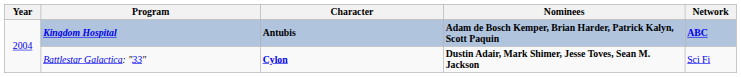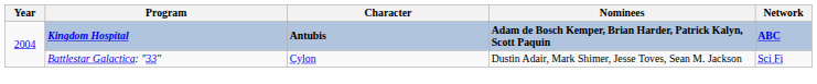 <table class="wikitable" width="95%" cellpadding="5">
 <tr>
 <th width="5%">Year</th>
 <th width="30%">Program</th>
 <th width="25%">Character</th>
 <th width="33%">Nominees</th>
 <th width="8%">Network</th>
 </tr>
 <tr>
 <td rowspan="2" style="text-align:center;"><a href='#'>2004</a><br></td>
 <td style="background:#B0C4DE;"><strong><em><a href='#'>Kingdom Hospital</a></em></strong></td>
 <td style="background:#B0C4DE;"><strong>Antubis</strong></td>
 <td style="background:#B0C4DE;"><strong>Adam de Bosch Kemper, Brian Harder, Patrick Kalyn, Scott Paquin</strong></td>
 <td style="background:#B0C4DE;"><strong><a href='#'>ABC</a></strong></td>
 </tr>
 <tr>
 <td><em><a href='#'>Battlestar Galactica</a>: "<a href='#'>33</a>"</em></td>
-<td><strong><a href='#'>Cylon</a></strong></td>
-<td><strong>Dustin Adair, Mark Shimer, Jesse Toves, Sean M. Jackson</strong></td>
+<td><a href='#'>Cylon</a></td>
+<td>Dustin Adair, Mark Shimer, Jesse Toves, Sean M. Jackson</td>
 <td><a href='#'>Sci Fi</a></td>
 </tr>
 </table>
